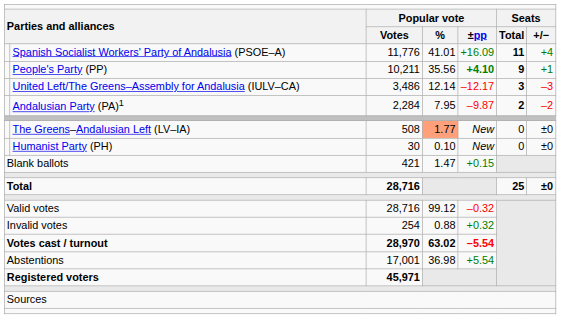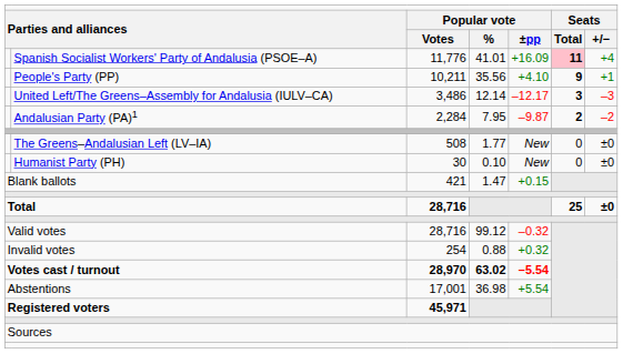 <table class="wikitable" style="text-align:right;">
 <tr>
 <td colspan="7"></td>
 </tr>
 <tr>
 <th style="text-align:left;" rowspan="2" colspan="2" width="525">Parties and alliances</th>
 <th colspan="3">Popular vote</th>
 <th colspan="2">Seats</th>
 </tr>
 <tr>
 <th width="75">Votes</th>
 <th width="45">%</th>
 <th width="45">±<a href='#'>pp</a></th>
 <th width="35">Total</th>
 <th width="35">+/−</th>
 </tr>
 <tr>
 <td width="1" style="color:inherit;background:"></td>
 <td align="left"><a href='#'>Spanish Socialist Workers' Party of Andalusia</a> (PSOE–A)</td>
 <td>11,776</td>
 <td>41.01</td>
 <td style="color:green;">+16.09</td>
-<td><strong>11</strong></td>
+<td style="background: pink;"><strong>11</strong></td>
 <td style="color:green;">+4</td>
 </tr>
 <tr>
 <td style="color:inherit;background:"></td>
 <td align="left"><a href='#'>People's Party</a> (PP)</td>
 <td>10,211</td>
 <td>35.56</td>
-<td style="color:green;"><strong>+4.10</strong></td>
+<td style="color:green;">+4.10</td>
 <td><strong>9</strong></td>
 <td style="color:green;">+1</td>
 </tr>
 <tr>
 <td style="color:inherit;background:"></td>
 <td align="left"><a href='#'>United Left/The Greens–Assembly for Andalusia</a> (IULV–CA)</td>
 <td>3,486</td>
 <td>12.14</td>
 <td style="color:red;">–12.17</td>
 <td><strong>3</strong></td>
 <td style="color:red;">–3</td>
 </tr>
 <tr>
 <td style="color:inherit;background:"></td>
 <td align="left"><a href='#'>Andalusian Party</a> (PA)<sup>1</sup></td>
 <td>2,284</td>
 <td>7.95</td>
 <td style="color:red;">–9.87</td>
 <td><strong>2</strong></td>
 <td style="color:red;">–2</td>
 </tr>
 <tr>
 <td colspan="7" bgcolor="#C0C0C0"></td>
 </tr>
 <tr>
 <td style="color:inherit;background:"></td>
 <td align="left"><a href='#'>The Greens</a>–<a href='#'>Andalusian Left</a> (LV–IA)</td>
 <td>508</td>
-<td style="background: lightsalmon;">1.77</td>
+<td>1.77</td>
 <td><em>New</em></td>
 <td>0</td>
 <td>±0</td>
 </tr>
 <tr>
 <td style="color:inherit;background:"></td>
 <td align="left"><a href='#'>Humanist Party</a> (PH)</td>
 <td>30</td>
 <td>0.10</td>
 <td><em>New</em></td>
 <td>0</td>
 <td>±0</td>
 </tr>
 <tr>
 <td align="left" colspan="2">Blank ballots</td>
 <td>421</td>
 <td>1.47</td>
 <td style="color:green;">+0.15</td>
 <td bgcolor="#E9E9E9" colspan="2"></td>
 </tr>
 <tr>
 <td colspan="7" bgcolor="#E9E9E9"></td>
 </tr>
 <tr style="font-weight:bold;">
 <td align="left" colspan="2">Total</td>
 <td>28,716</td>
 <td bgcolor="#E9E9E9" colspan="2"></td>
 <td>25</td>
 <td>±0</td>
 </tr>
 <tr>
 <td colspan="7" bgcolor="#E9E9E9"></td>
 </tr>
 <tr>
 <td align="left" colspan="2">Valid votes</td>
 <td>28,716</td>
 <td>99.12</td>
 <td style="color:red;">–0.32</td>
 <td bgcolor="#E9E9E9" colspan="2" rowspan="5"></td>
 </tr>
 <tr>
 <td align="left" colspan="2">Invalid votes</td>
 <td>254</td>
 <td>0.88</td>
 <td style="color:green;">+0.32</td>
 </tr>
 <tr style="font-weight:bold;">
 <td align="left" colspan="2">Votes cast / turnout</td>
 <td>28,970</td>
 <td>63.02</td>
 <td style="color:red;">–5.54</td>
 </tr>
 <tr>
 <td align="left" colspan="2">Abstentions</td>
 <td>17,001</td>
 <td>36.98</td>
 <td style="color:green;">+5.54</td>
 </tr>
 <tr style="font-weight:bold;">
 <td align="left" colspan="2">Registered voters</td>
 <td>45,971</td>
 <td bgcolor="#E9E9E9" colspan="2"></td>
 </tr>
 <tr>
 <td colspan="7" bgcolor="#E9E9E9"></td>
 </tr>
 <tr>
 <td align="left" colspan="7">Sources</td>
 </tr>
 <tr>
 <td colspan="7" style="text-align:left; max-width:790px;"></td>
 </tr>
 </table>
